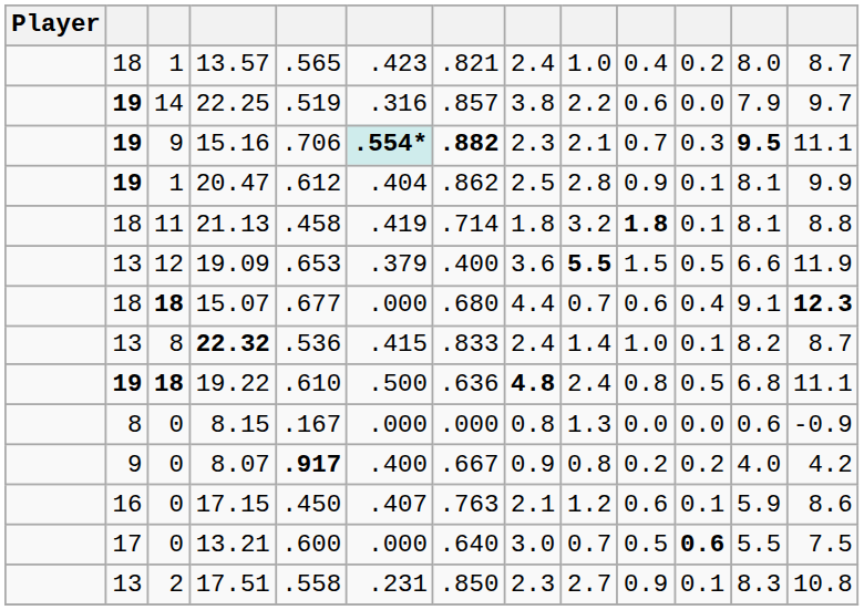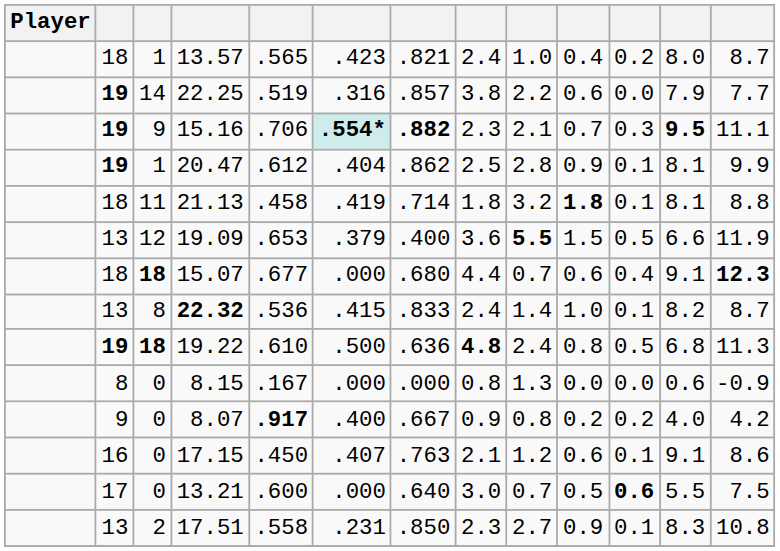 <table class="wikitable sortable" style="font-size:95%; text-align:right;">
 <tr>
 <th>Player</th>
 <th></th>
 <th></th>
 <th></th>
 <th></th>
 <th></th>
 <th></th>
 <th></th>
 <th></th>
 <th></th>
 <th></th>
 <th></th>
 <th></th>
 </tr>
 <tr>
 <td><strong></strong></td>
 <td>18</td>
 <td>1</td>
 <td>13.57</td>
 <td>.565</td>
 <td>.423</td>
 <td>.821</td>
 <td>2.4</td>
 <td>1.0</td>
 <td>0.4</td>
 <td>0.2</td>
 <td>8.0</td>
 <td>8.7</td>
 </tr>
 <tr>
 <td><strong></strong></td>
 <td><strong>19</strong></td>
 <td>14</td>
 <td>22.25</td>
 <td>.519</td>
 <td>.316</td>
 <td>.857</td>
 <td>3.8</td>
 <td>2.2</td>
 <td>0.6</td>
 <td>0.0</td>
 <td>7.9</td>
-<td>9.7</td>
+<td>7.7</td>
 </tr>
 <tr>
 <td><strong></strong></td>
 <td><strong>19</strong></td>
 <td>9</td>
 <td>15.16</td>
 <td>.706</td>
 <td style="background:#cfecec;"><strong>.554*</strong></td>
 <td><strong>.882</strong></td>
 <td>2.3</td>
 <td>2.1</td>
 <td>0.7</td>
 <td>0.3</td>
 <td><strong>9.5</strong></td>
 <td>11.1</td>
 </tr>
 <tr>
 <td><strong></strong></td>
 <td><strong>19</strong></td>
 <td>1</td>
 <td>20.47</td>
 <td>.612</td>
 <td>.404</td>
 <td>.862</td>
 <td>2.5</td>
 <td>2.8</td>
 <td>0.9</td>
 <td>0.1</td>
 <td>8.1</td>
 <td>9.9</td>
 </tr>
 <tr>
 <td><strong></strong></td>
 <td>18</td>
 <td>11</td>
 <td>21.13</td>
 <td>.458</td>
 <td>.419</td>
 <td>.714</td>
 <td>1.8</td>
 <td>3.2</td>
 <td><strong>1.8</strong></td>
 <td>0.1</td>
 <td>8.1</td>
 <td>8.8</td>
 </tr>
 <tr>
 <td><strong></strong></td>
 <td>13</td>
 <td>12</td>
 <td>19.09</td>
 <td>.653</td>
 <td>.379</td>
 <td>.400</td>
 <td>3.6</td>
 <td><strong>5.5</strong></td>
 <td>1.5</td>
 <td>0.5</td>
 <td>6.6</td>
 <td>11.9</td>
 </tr>
 <tr>
 <td><strong></strong></td>
 <td>18</td>
 <td><strong>18</strong></td>
 <td>15.07</td>
 <td>.677</td>
 <td>.000</td>
 <td>.680</td>
 <td>4.4</td>
 <td>0.7</td>
 <td>0.6</td>
 <td>0.4</td>
 <td>9.1</td>
 <td><strong>12.3</strong></td>
 </tr>
 <tr>
 <td><strong></strong></td>
 <td>13</td>
 <td>8</td>
 <td><strong>22.32</strong></td>
 <td>.536</td>
 <td>.415</td>
 <td>.833</td>
 <td>2.4</td>
 <td>1.4</td>
 <td>1.0</td>
 <td>0.1</td>
 <td>8.2</td>
 <td>8.7</td>
 </tr>
 <tr>
 <td><strong></strong></td>
 <td><strong>19</strong></td>
 <td><strong>18</strong></td>
 <td>19.22</td>
 <td>.610</td>
 <td>.500</td>
 <td>.636</td>
 <td><strong>4.8</strong></td>
 <td>2.4</td>
 <td>0.8</td>
 <td>0.5</td>
 <td>6.8</td>
-<td>11.1</td>
+<td>11.3</td>
 </tr>
 <tr>
 <td><strong></strong></td>
 <td>8</td>
 <td>0</td>
 <td>8.15</td>
 <td>.167</td>
 <td>.000</td>
 <td>.000</td>
 <td>0.8</td>
 <td>1.3</td>
 <td>0.0</td>
 <td>0.0</td>
 <td>0.6</td>
 <td>-0.9</td>
 </tr>
 <tr>
 <td><strong></strong></td>
 <td>9</td>
 <td>0</td>
 <td>8.07</td>
 <td><strong>.917</strong></td>
 <td>.400</td>
 <td>.667</td>
 <td>0.9</td>
 <td>0.8</td>
 <td>0.2</td>
 <td>0.2</td>
 <td>4.0</td>
 <td>4.2</td>
 </tr>
 <tr>
 <td><strong></strong></td>
 <td>16</td>
 <td>0</td>
 <td>17.15</td>
 <td>.450</td>
 <td>.407</td>
 <td>.763</td>
 <td>2.1</td>
 <td>1.2</td>
 <td>0.6</td>
 <td>0.1</td>
-<td>5.9</td>
+<td>9.1</td>
 <td>8.6</td>
 </tr>
 <tr>
 <td><strong></strong></td>
 <td>17</td>
 <td>0</td>
 <td>13.21</td>
 <td>.600</td>
 <td>.000</td>
 <td>.640</td>
 <td>3.0</td>
 <td>0.7</td>
 <td>0.5</td>
 <td><strong>0.6</strong></td>
 <td>5.5</td>
 <td>7.5</td>
 </tr>
 <tr>
 <td><strong></strong></td>
 <td>13</td>
 <td>2</td>
 <td>17.51</td>
 <td>.558</td>
 <td>.231</td>
 <td>.850</td>
 <td>2.3</td>
 <td>2.7</td>
 <td>0.9</td>
 <td>0.1</td>
 <td>8.3</td>
 <td>10.8</td>
 </tr>
 <tr>
 </tr>
 </table>
